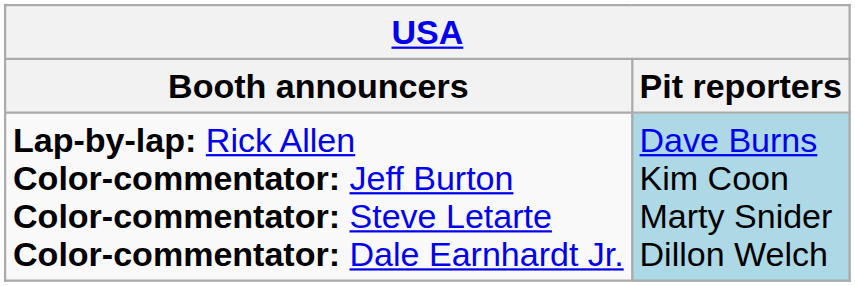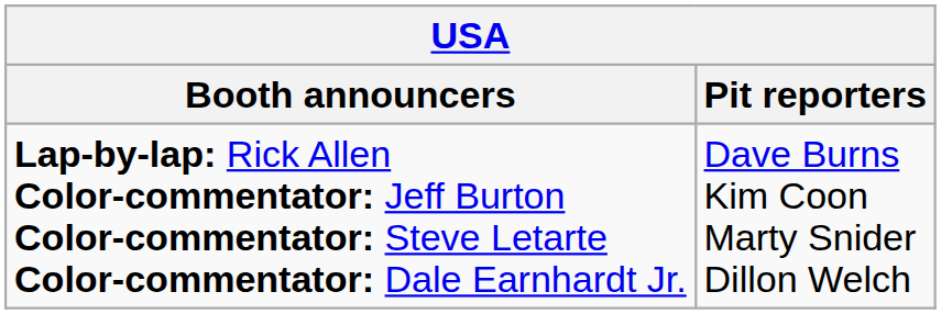 <table class="wikitable" style="font-size: 95%;">
 <tr>
 <th colspan="2"><a href='#'>USA</a></th>
 </tr>
 <tr>
 <th>Booth announcers</th>
 <th>Pit reporters</th>
 </tr>
 <tr>
 <td><strong>Lap-by-lap:</strong> <a href='#'>Rick Allen</a><br><strong>Color-commentator:</strong> <a href='#'>Jeff Burton</a><br><strong>Color-commentator:</strong> <a href='#'>Steve Letarte</a><br><strong>Color-commentator:</strong> <a href='#'>Dale Earnhardt Jr.</a></td>
-<td style="background: lightblue;"><a href='#'>Dave Burns</a><br>Kim Coon<br>Marty Snider<br>Dillon Welch</td>
+<td><a href='#'>Dave Burns</a><br>Kim Coon<br>Marty Snider<br>Dillon Welch</td>
 </tr>
 </table>
